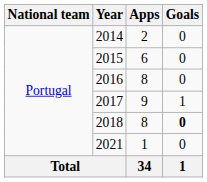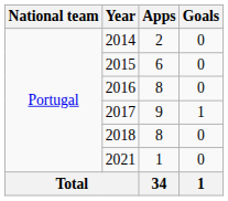 <table class=wikitable style=text-align:center>
 <tr>
 <th>National team</th>
 <th>Year</th>
 <th>Apps</th>
 <th>Goals</th>
 </tr>
 <tr>
 <td rowspan=6><a href='#'>Portugal</a></td>
 <td>2014</td>
 <td>2</td>
 <td>0</td>
 </tr>
 <tr>
 <td>2015</td>
 <td>6</td>
 <td>0</td>
 </tr>
 <tr>
 <td>2016</td>
 <td>8</td>
 <td>0</td>
 </tr>
 <tr>
 <td>2017</td>
 <td>9</td>
 <td>1</td>
 </tr>
 <tr>
 <td>2018</td>
 <td>8</td>
-<td><strong>0</strong></td>
+<td>0</td>
 </tr>
 <tr>
 <td>2021</td>
 <td>1</td>
 <td>0</td>
 </tr>
 <tr>
 <th colspan=2>Total</th>
 <th>34</th>
 <th>1</th>
 </tr>
 </table>
